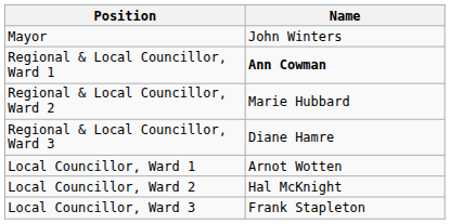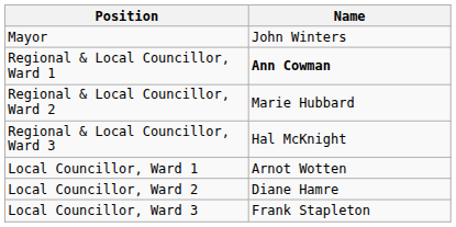 <table class="wikitable" style="width:50%;">
 <tr>
 <th bgcolor="#DDDDFF" width="50px">Position</th>
 <th bgcolor="#DDDDFF" width="50px">Name</th>
 </tr>
 <tr>
 <td>Mayor</td>
 <td>John Winters</td>
 </tr>
 <tr>
 <td>Regional & Local Councillor, Ward 1</td>
 <td><strong>Ann Cowman</strong></td>
 </tr>
 <tr>
 <td>Regional & Local Councillor, Ward 2</td>
 <td>Marie Hubbard</td>
 </tr>
 <tr>
 <td>Regional & Local Councillor, Ward 3</td>
-<td>Diane Hamre</td>
+<td>Hal McKnight</td>
 </tr>
 <tr>
 <td>Local Councillor, Ward 1</td>
 <td>Arnot Wotten</td>
 </tr>
 <tr>
 <td>Local Councillor, Ward 2</td>
-<td>Hal McKnight</td>
+<td>Diane Hamre</td>
 </tr>
 <tr>
 <td>Local Councillor, Ward 3</td>
 <td>Frank Stapleton</td>
 </tr>
 </table>
